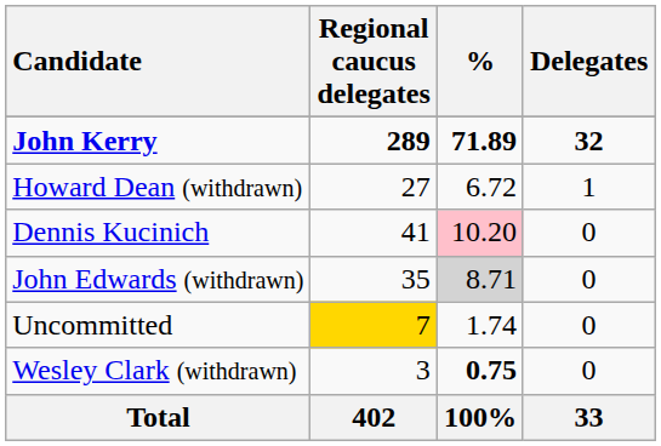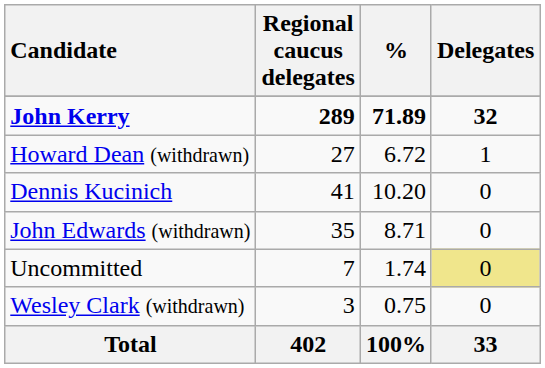 <table class="wikitable sortable plainrowheaders" style="text-align:right;">
 <tr>
 <th style="text-align:left;">Candidate</th>
 <th>Regional<br>caucus<br>delegates</th>
 <th>%</th>
 <th>Delegates</th>
 </tr>
 <tr>
 </tr>
 <tr>
 <td style="text-align:left;"><strong><a href='#'>John Kerry</a></strong></td>
 <td><strong>289</strong></td>
 <td><strong>71.89</strong></td>
 <td style="text-align:center;"><strong>32</strong></td>
 </tr>
 <tr>
 <td style="text-align:left;"><a href='#'>Howard Dean</a> <small>(withdrawn)</small></td>
 <td>27</td>
 <td>6.72</td>
 <td style="text-align:center;">1</td>
 </tr>
 <tr>
 <td style="text-align:left;"><a href='#'>Dennis Kucinich</a></td>
 <td>41</td>
-<td style="background: pink;">10.20</td>
+<td>10.20</td>
 <td style="text-align:center;">0</td>
 </tr>
 <tr>
 <td style="text-align:left;"><a href='#'>John Edwards</a> <small>(withdrawn)</small></td>
 <td>35</td>
-<td style="background: lightgrey;">8.71</td>
+<td>8.71</td>
 <td style="text-align:center;">0</td>
 </tr>
 <tr>
 <td style="text-align:left;">Uncommitted</td>
-<td style="background: gold;">7</td>
+<td>7</td>
 <td>1.74</td>
-<td style="text-align:center;">0</td>
+<td style="background: khaki; text-align:center;">0</td>
 </tr>
 <tr>
 <td style="text-align:left;"><a href='#'>Wesley Clark</a> <small>(withdrawn)</small></td>
 <td>3</td>
-<td><strong>0.75</strong></td>
+<td>0.75</td>
 <td style="text-align:center;">0</td>
 </tr>
 <tr class="sortbottom">
 <th>Total</th>
 <th>402</th>
 <th>100%</th>
 <th>33</th>
 </tr>
 </table>
